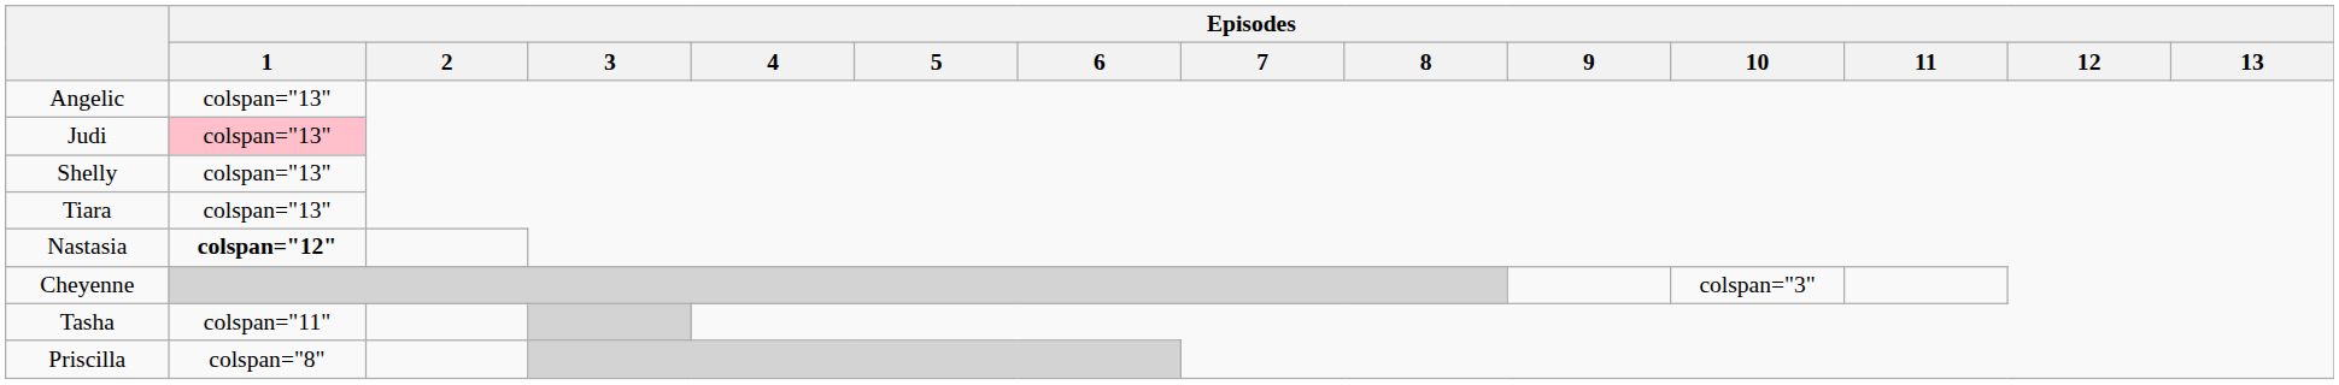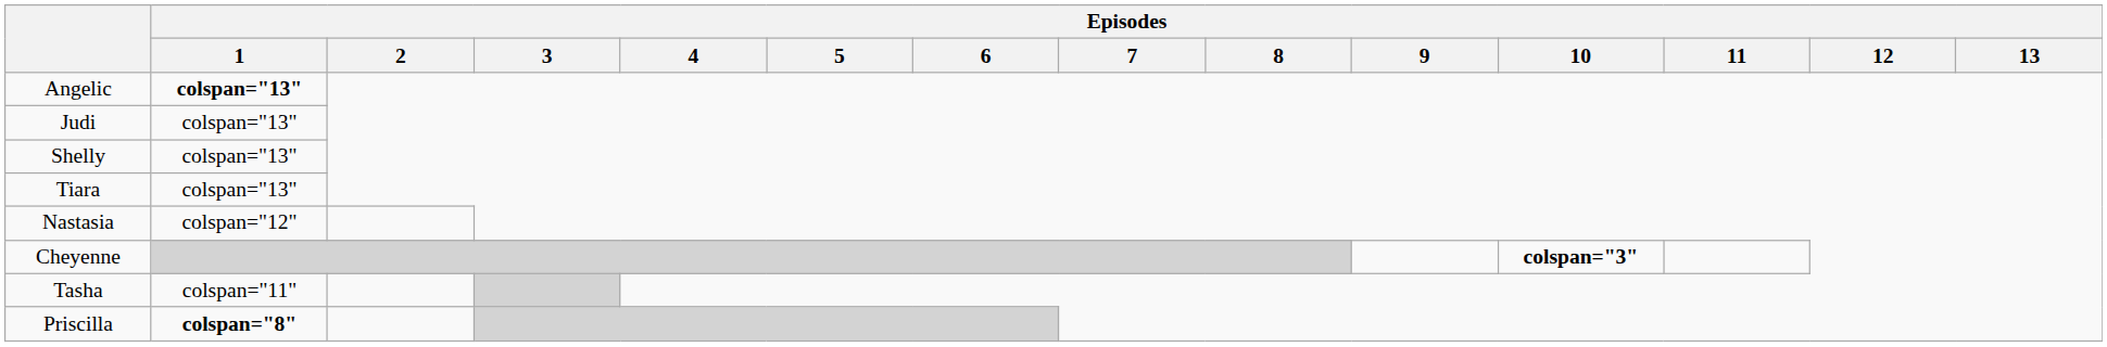 <table class="wikitable plainrowheaders" style="text-align:center; width:100%;">
 <tr>
 <th scope="col" rowspan="2" style="width:5%;"></th>
 <th scope="col" colspan="13">Episodes</th>
 </tr>
 <tr>
 <th scope="col" style="width:5%;">1</th>
 <th scope="col" style="width:5%;">2</th>
 <th scope="col" style="width:5%;">3</th>
 <th scope="col" style="width:5%;">4</th>
 <th scope="col" style="width:5%;">5</th>
 <th scope="col" style="width:5%;">6</th>
 <th scope="col" style="width:5%;">7</th>
 <th scope="col" style="width:5%;">8</th>
 <th scope="col" style="width:5%;">9</th>
 <th scope="col" style="width:5%;">10</th>
 <th scope="col" style="width:5%;">11</th>
 <th scope="col" style="width:5%;">12</th>
 <th scope="col" style="width:5%;">13</th>
 </tr>
 <tr>
 <td scope="row">Angelic</td>
-<td>colspan="13" </td>
+<td><strong>colspan="13" </strong></td>
 </tr>
 <tr>
 <td scope="row">Judi</td>
-<td style="background: pink;">colspan="13" </td>
+<td>colspan="13" </td>
 </tr>
 <tr>
 <td scope="row">Shelly</td>
 <td>colspan="13" </td>
 </tr>
 <tr>
 <td scope="row">Tiara</td>
 <td>colspan="13" </td>
 </tr>
 <tr>
 <td scope="row">Nastasia</td>
-<td><strong>colspan="12" </strong></td>
+<td>colspan="12" </td>
 <td></td>
 </tr>
 <tr>
 <td scope="row">Cheyenne</td>
 <td colspan="8" style="background:lightgray;"></td>
 <td></td>
-<td>colspan="3" </td>
+<td><strong>colspan="3" </strong></td>
 <td></td>
 </tr>
 <tr>
 <td scope="row">Tasha</td>
 <td>colspan="11" </td>
 <td></td>
 <td colspan="1" style="background:lightgray;"></td>
 </tr>
 <tr>
 <td scope="row">Priscilla</td>
-<td>colspan="8" </td>
+<td><strong>colspan="8" </strong></td>
 <td></td>
 <td colspan="4" style="background:lightgray;"></td>
 </tr>
 </table>
